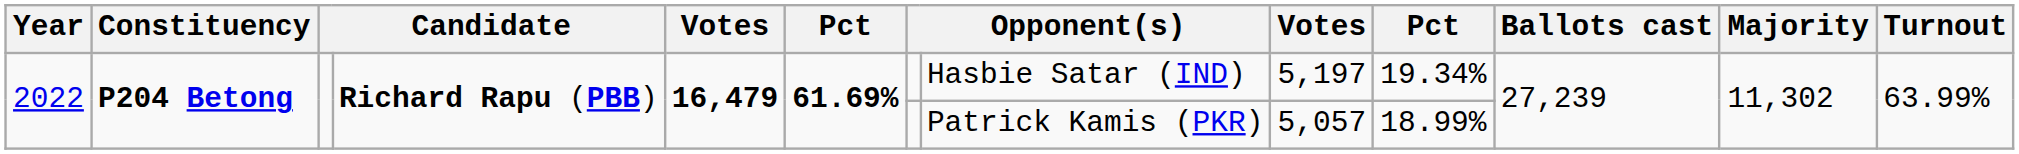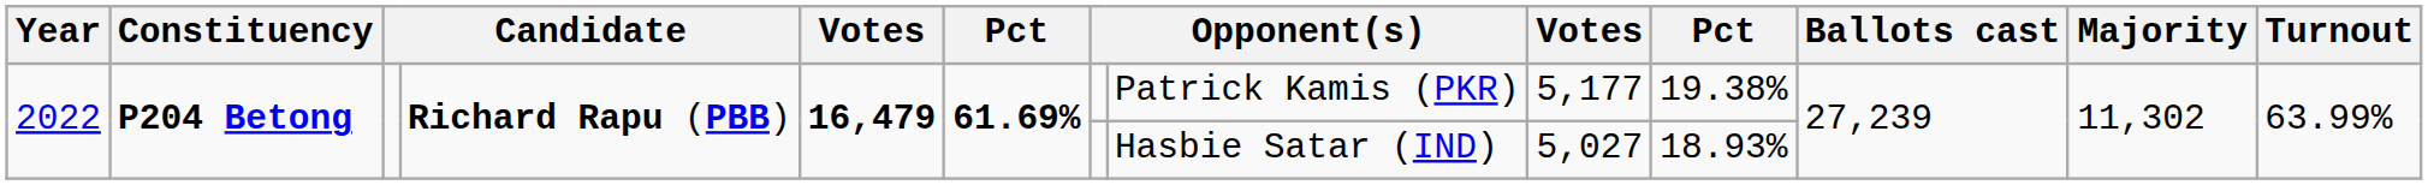 <table class="wikitable" style="margin:0.5em ; font-size:95%">
 <tr>
 <th>Year</th>
 <th>Constituency</th>
 <th colspan=2>Candidate</th>
 <th>Votes</th>
 <th>Pct</th>
 <th colspan=2>Opponent(s)</th>
 <th>Votes</th>
 <th>Pct</th>
 <th>Ballots cast</th>
 <th>Majority</th>
 <th>Turnout</th>
 </tr>
 <tr>
 <td rowspan=2><a href='#'>2022</a></td>
 <td rowspan=2><strong>P204 <a href='#'>Betong</a></strong></td>
 <td rowspan=2 ></td>
 <td rowspan=2><strong>Richard Rapu</strong> (<a href='#'><strong>PBB</strong></a>)</td>
 <td rowspan=2 align=right><strong>16,479</strong></td>
 <td rowspan=2><strong>61.69%</strong></td>
 <td></td>
-<td>Hasbie Satar (<a href='#'>IND</a>)</td>
-<td align=right>5,197</td>
-<td>19.34%</td>
+<td>Patrick Kamis (<a href='#'>PKR</a>)</td>
+<td align=right>5,177</td>
+<td>19.38%</td>
 <td rowspan=2>27,239</td>
 <td rowspan=2>11,302</td>
 <td rowspan=2>63.99%</td>
 </tr>
 <tr>
 <td></td>
-<td>Patrick Kamis (<a href='#'>PKR</a>)</td>
-<td align=right>5,057</td>
-<td>18.99%</td>
+<td>Hasbie Satar (<a href='#'>IND</a>)</td>
+<td align=right>5,027</td>
+<td>18.93%</td>
 </tr>
 </table>
